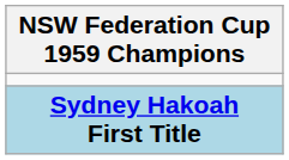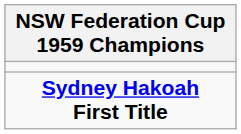 <table class="wikitable" style="text-align: center; margin: 0 auto; width: 20%">
 <tr>
 <th>NSW Federation Cup<br>1959 Champions</th>
 </tr>
 <tr>
 <td></td>
 </tr>
 <tr>
-<td style="background: lightblue;"><strong><a href='#'>Sydney Hakoah</a></strong><br><strong>First Title</strong></td>
+<td><strong><a href='#'>Sydney Hakoah</a></strong><br><strong>First Title</strong></td>
 </tr>
 </table>
